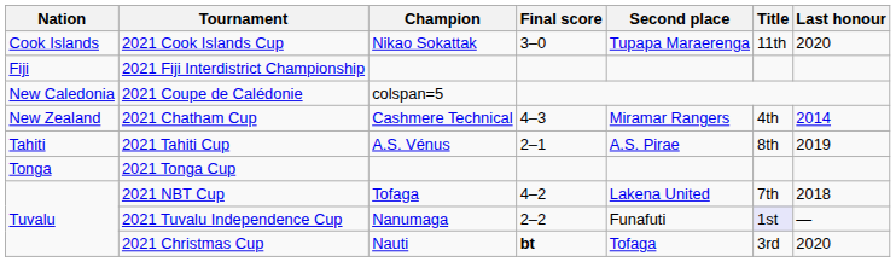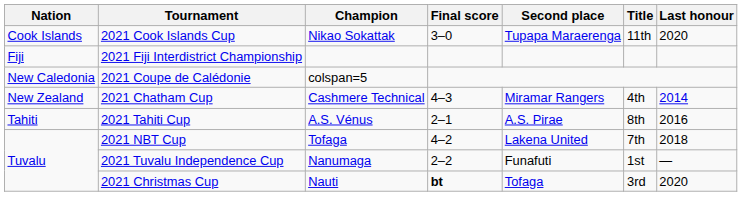 <table class=wikitable style="font-size:14px">
 <tr>
 <th>Nation</th>
 <th>Tournament</th>
 <th>Champion</th>
 <th>Final score</th>
 <th>Second place</th>
 <th data-sort-type="number">Title</th>
 <th>Last honour</th>
 </tr>
 <tr>
 <td> <a href='#'>Cook Islands</a></td>
 <td><a href='#'>2021 Cook Islands Cup</a></td>
 <td><a href='#'>Nikao Sokattak</a></td>
 <td>3–0</td>
 <td><a href='#'>Tupapa Maraerenga</a></td>
 <td>11th</td>
 <td>2020</td>
 </tr>
 <tr>
 <td> <a href='#'>Fiji</a></td>
 <td><a href='#'>2021 Fiji Interdistrict Championship</a></td>
 <td></td>
 <td></td>
 <td></td>
 <td></td>
 <td></td>
 </tr>
 <tr>
 <td> <a href='#'>New Caledonia</a></td>
 <td><a href='#'>2021 Coupe de Calédonie</a></td>
 <td>colspan=5 </td>
 </tr>
 <tr>
 <td> <a href='#'>New Zealand</a></td>
 <td><a href='#'>2021 Chatham Cup</a></td>
 <td><a href='#'>Cashmere Technical</a></td>
 <td>4–3</td>
 <td><a href='#'>Miramar Rangers</a></td>
 <td>4th</td>
 <td><a href='#'>2014</a></td>
 </tr>
 <tr>
 <td> <a href='#'>Tahiti</a></td>
 <td><a href='#'>2021 Tahiti Cup</a></td>
 <td><a href='#'>A.S. Vénus</a></td>
 <td>2–1</td>
 <td><a href='#'>A.S. Pirae</a></td>
 <td>8th</td>
-<td>2019</td>
-</tr>
-<tr>
-<td> <a href='#'>Tonga</a></td>
-<td><a href='#'>2021 Tonga Cup</a></td>
-<td></td>
-<td></td>
-<td></td>
-<td></td>
-<td></td>
+<td>2016</td>
 </tr>
 <tr>
 <td rowspan="3"> <a href='#'>Tuvalu</a></td>
 <td><a href='#'>2021 NBT Cup</a></td>
 <td><a href='#'>Tofaga</a></td>
 <td>4–2</td>
 <td><a href='#'>Lakena United</a></td>
 <td>7th</td>
 <td>2018</td>
 </tr>
 <tr>
 <td><a href='#'>2021 Tuvalu Independence Cup</a></td>
 <td><a href='#'>Nanumaga</a></td>
 <td>2–2 </td>
 <td>Funafuti</td>
-<td style="background: lavender;">1st</td>
+<td>1st</td>
 <td>—</td>
 </tr>
 <tr>
 <td><a href='#'>2021 Christmas Cup</a></td>
 <td><a href='#'>Nauti</a></td>
 <td><strong>bt</strong></td>
 <td><a href='#'>Tofaga</a></td>
 <td>3rd</td>
 <td>2020</td>
 </tr>
 </table>
